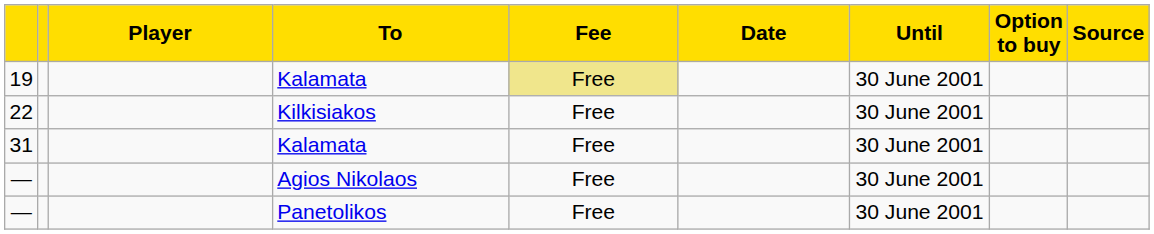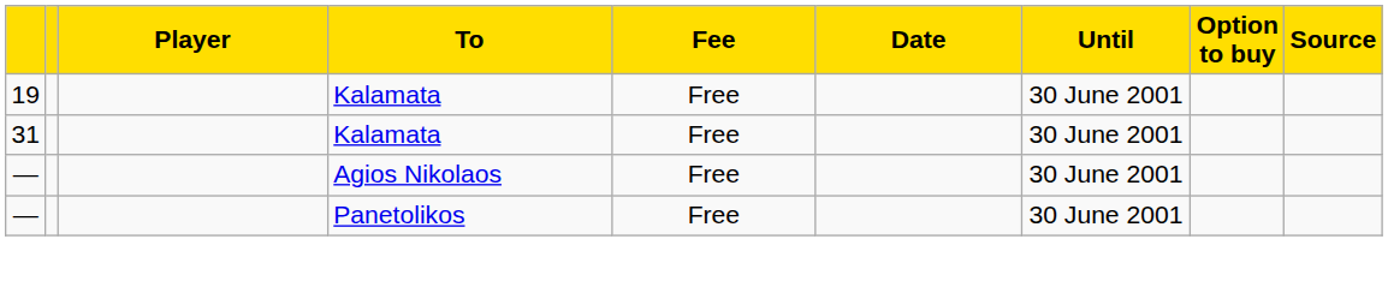 <table class="wikitable sortable">
 <tr>
 <th style="background:#FFDE00"></th>
 <th style="background:#FFDE00"></th>
 <th width=200 style="background:#FFDE00">Player</th>
 <th width=200 style="background:#FFDE00">To</th>
 <th width=150 style="background:#FFDE00">Fee</th>
 <th width=150 style="background:#FFDE00">Date</th>
 <th width=120 style="background:#FFDE00">Until</th>
 <th style="background:#FFDE00">Option to buy</th>
 <th style="background:#FFDE00">Source</th>
 </tr>
 <tr>
 <td align=center>19</td>
 <td align=center></td>
 <td></td>
 <td> <a href='#'>Kalamata</a></td>
-<td align=center style="background: khaki;">Free</td>
-<td align=center></td>
-<td align=center>30 June 2001</td>
-<td align=center></td>
-<td align=center></td>
-</tr>
-<tr>
-<td align=center>22</td>
-<td align=center></td>
-<td></td>
-<td> <a href='#'>Kilkisiakos</a></td>
 <td align=center>Free</td>
 <td align=center></td>
 <td align=center>30 June 2001</td>
 <td align=center></td>
 <td align=center></td>
 </tr>
 <tr>
 <td align=center>31</td>
 <td align=center></td>
 <td></td>
 <td> <a href='#'>Kalamata</a></td>
 <td align=center>Free</td>
 <td align=center></td>
 <td align=center>30 June 2001</td>
 <td align=center></td>
 <td align=center></td>
 </tr>
 <tr>
 <td align=center>—</td>
 <td align=center></td>
 <td></td>
 <td> <a href='#'>Agios Nikolaos</a></td>
 <td align=center>Free</td>
 <td align=center></td>
 <td align=center>30 June 2001</td>
 <td align=center></td>
 <td align=center></td>
 </tr>
 <tr>
 <td align=center>—</td>
 <td align=center></td>
 <td></td>
 <td> <a href='#'>Panetolikos</a></td>
 <td align=center>Free</td>
 <td align=center></td>
 <td align=center>30 June 2001</td>
 <td align=center></td>
 <td align=center></td>
 </tr>
 </table>
